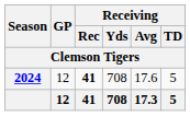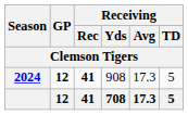 <table class="wikitable" style="text-align:center;">
 <tr>
 <th rowspan="2">Season</th>
 <th rowspan="2">GP</th>
 <th colspan="4">Receiving</th>
 </tr>
 <tr>
 <th>Rec</th>
 <th>Yds</th>
 <th>Avg</th>
 <th>TD</th>
 </tr>
 <tr>
 <th colspan="11">Clemson Tigers</th>
 </tr>
 <tr>
 <th><a href='#'>2024</a></th>
-<td>12</td>
+<td><strong>12</strong></td>
 <td><strong>41</strong></td>
-<td>708</td>
-<td>17.6</td>
+<td>908</td>
+<td>17.3</td>
 <td>5</td>
 </tr>
 <tr>
 <th></th>
 <th>12</th>
 <th>41</th>
 <th>708</th>
 <th>17.3</th>
 <th>5</th>
 </tr>
 </table>
